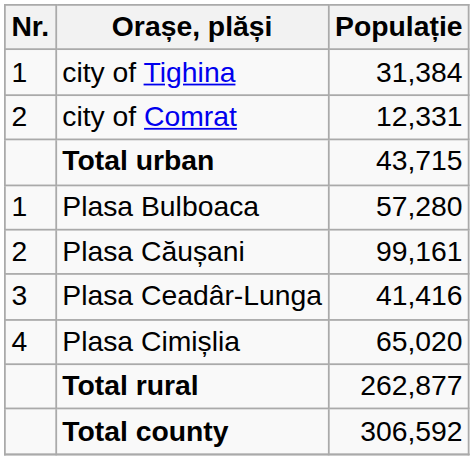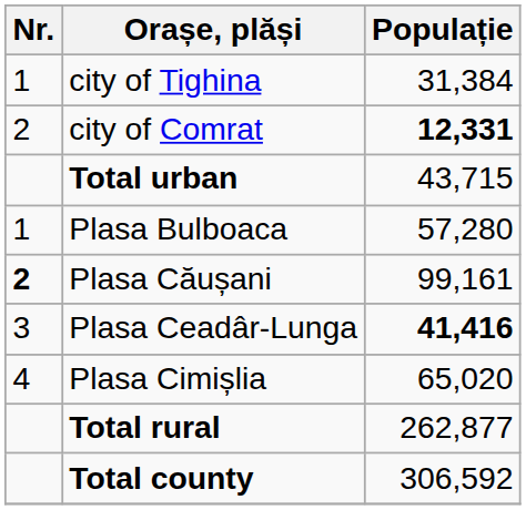 <table class="wikitable " border="1" cellspacing="0" cellpadding="3">
 <tr>
 <th>Nr.</th>
 <th>Orașe, plăși</th>
 <th>Populație</th>
 </tr>
 <tr>
 <td>1</td>
 <td>city of <a href='#'>Tighina</a></td>
 <td align="right">31,384</td>
 </tr>
 <tr>
 <td>2</td>
 <td>city of <a href='#'>Comrat</a></td>
-<td align="right">12,331</td>
+<td align="right"><strong>12,331</strong></td>
 </tr>
 <tr>
 <td></td>
 <td><strong>Total urban</strong></td>
 <td align="right">43,715</td>
 </tr>
 <tr>
 <td>1</td>
 <td>Plasa Bulboaca</td>
 <td align="right">57,280</td>
 </tr>
 <tr>
-<td>2</td>
+<td><strong>2</strong></td>
 <td>Plasa Căușani</td>
 <td align="right">99,161</td>
 </tr>
 <tr>
 <td>3</td>
 <td>Plasa Ceadâr-Lunga</td>
-<td align="right">41,416</td>
+<td align="right"><strong>41,416</strong></td>
 </tr>
 <tr>
 <td>4</td>
 <td>Plasa Cimișlia</td>
 <td align="right">65,020</td>
 </tr>
 <tr>
 <td></td>
 <td><strong>Total rural</strong></td>
 <td align="right">262,877</td>
 </tr>
 <tr>
 <td></td>
 <td><strong>Total county</strong></td>
 <td align="right">306,592</td>
 </tr>
 <tr>
 </tr>
 </table>
